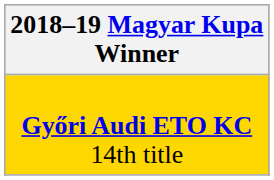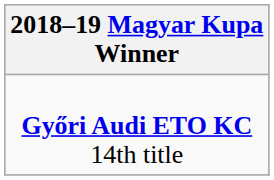 <table class=wikitable style="text-align:center; margin:auto">
 <tr>
 <th>2018–19 <a href='#'>Magyar Kupa</a><br>Winner</th>
 </tr>
 <tr>
-<td align=center style="background: gold;"><br><strong><a href='#'>Győri Audi ETO KC</a></strong><br>14th title</td>
+<td align=center><br><strong><a href='#'>Győri Audi ETO KC</a></strong><br>14th title</td>
 </tr>
 </table>
